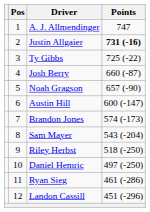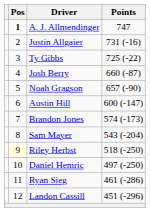 <table class="wikitable" style="font-size: 95%;">
 <tr>
 <th></th>
 <th>Pos</th>
 <th>Driver</th>
 <th>Points</th>
 </tr>
 <tr>
 <td align="left"></td>
-<td style="text-align:center;">1</td>
+<td style="text-align:center;"><strong>1</strong></td>
 <td><a href='#'>A. J. Allmendinger</a></td>
 <td style="text-align:center;">747</td>
 </tr>
 <tr>
 <td align="left"></td>
 <td style="text-align:center;">2</td>
 <td><a href='#'>Justin Allgaier</a></td>
-<td style="text-align:center;"><strong>731 (-16)</strong></td>
+<td style="text-align:center;">731 (-16)</td>
 </tr>
 <tr>
 <td align="left"></td>
 <td style="text-align:center;">3</td>
 <td><a href='#'>Ty Gibbs</a></td>
 <td style="text-align:center;">725 (-22)</td>
 </tr>
 <tr>
 <td align="left"></td>
 <td style="text-align:center;">4</td>
 <td><a href='#'>Josh Berry</a></td>
 <td style="text-align:center;">660 (-87)</td>
 </tr>
 <tr>
 <td align="left"></td>
 <td style="text-align:center;">5</td>
 <td><a href='#'>Noah Gragson</a></td>
 <td style="text-align:center;">657 (-90)</td>
 </tr>
 <tr>
 <td align="left"></td>
 <td style="text-align:center;">6</td>
 <td><a href='#'>Austin Hill</a></td>
 <td style="text-align:center;">600 (-147)</td>
 </tr>
 <tr>
 <td align="left"></td>
 <td style="text-align:center;">7</td>
 <td><a href='#'>Brandon Jones</a></td>
 <td style="text-align:center;">574 (-173)</td>
 </tr>
 <tr>
 <td align="left"></td>
 <td style="text-align:center;">8</td>
 <td><a href='#'>Sam Mayer</a></td>
 <td style="text-align:center;">543 (-204)</td>
 </tr>
 <tr>
 <td align="left"></td>
-<td style="text-align:center;">9</td>
+<td style="background: lightyellow; text-align:center;">9</td>
 <td><a href='#'>Riley Herbst</a></td>
 <td style="text-align:center;">518 (-250)</td>
 </tr>
 <tr>
 <td align="left"></td>
 <td style="text-align:center;">10</td>
 <td><a href='#'>Daniel Hemric</a></td>
 <td style="text-align:center;">497 (-250)</td>
 </tr>
 <tr>
 <td align="left"></td>
 <td style="text-align:center;">11</td>
 <td><a href='#'>Ryan Sieg</a></td>
 <td style="text-align:center;">461 (-286)</td>
 </tr>
 <tr>
 <td align="left"></td>
 <td style="text-align:center;">12</td>
 <td><a href='#'>Landon Cassill</a></td>
 <td style="text-align:center;">451 (-296)</td>
 </tr>
 <tr class="sortbottom">
 <th colspan="9"></th>
 </tr>
 </table>
